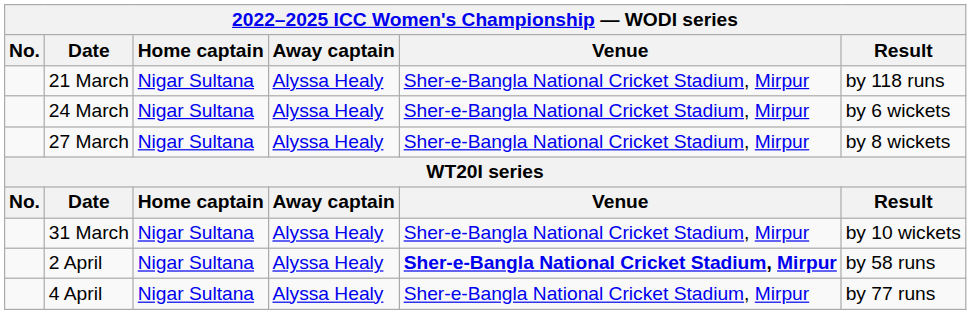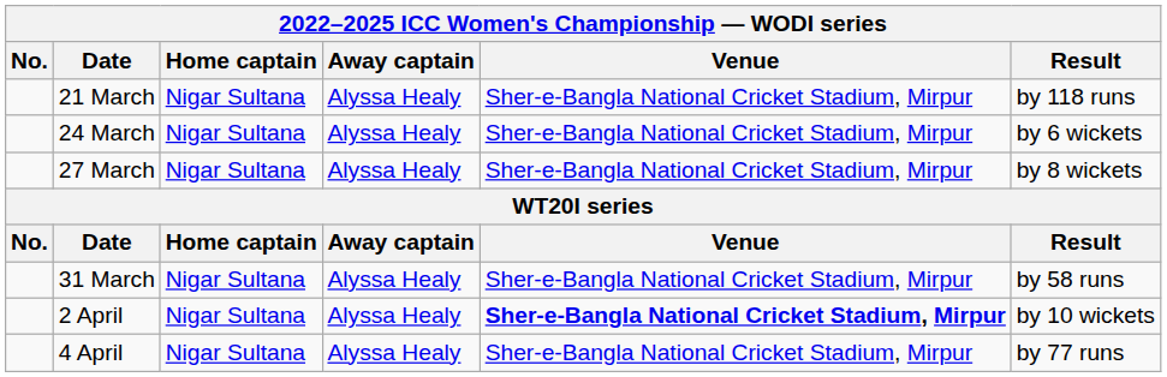 <table class="wikitable">
 <tr>
 <th colspan="9"><a href='#'>2022–2025 ICC Women's Championship</a> — WODI series</th>
 </tr>
 <tr>
 <th>No.</th>
 <th>Date</th>
 <th>Home captain</th>
 <th>Away captain</th>
 <th>Venue</th>
 <th>Result</th>
 </tr>
 <tr>
 <td></td>
 <td>21 March</td>
 <td><a href='#'>Nigar Sultana</a></td>
 <td><a href='#'>Alyssa Healy</a></td>
 <td><a href='#'>Sher-e-Bangla National Cricket Stadium</a>, <a href='#'>Mirpur</a></td>
 <td> by 118 runs</td>
 </tr>
 <tr>
 <td></td>
 <td>24 March</td>
 <td><a href='#'>Nigar Sultana</a></td>
 <td><a href='#'>Alyssa Healy</a></td>
 <td><a href='#'>Sher-e-Bangla National Cricket Stadium</a>, <a href='#'>Mirpur</a></td>
 <td> by 6 wickets</td>
 </tr>
 <tr>
 <td></td>
 <td>27 March</td>
 <td><a href='#'>Nigar Sultana</a></td>
 <td><a href='#'>Alyssa Healy</a></td>
 <td><a href='#'>Sher-e-Bangla National Cricket Stadium</a>, <a href='#'>Mirpur</a></td>
 <td> by 8 wickets</td>
 </tr>
 <tr>
 <th colspan="9">WT20I series</th>
 </tr>
 <tr>
 <th>No.</th>
 <th>Date</th>
 <th>Home captain</th>
 <th>Away captain</th>
 <th>Venue</th>
 <th>Result</th>
 </tr>
 <tr>
 <td></td>
 <td>31 March</td>
 <td><a href='#'>Nigar Sultana</a></td>
 <td><a href='#'>Alyssa Healy</a></td>
 <td><a href='#'>Sher-e-Bangla National Cricket Stadium</a>, <a href='#'>Mirpur</a></td>
-<td> by 10 wickets</td>
+<td> by 58 runs</td>
 </tr>
 <tr>
 <td></td>
 <td>2 April</td>
 <td><a href='#'>Nigar Sultana</a></td>
 <td><a href='#'>Alyssa Healy</a></td>
 <td><strong><a href='#'>Sher-e-Bangla National Cricket Stadium</a>, <a href='#'>Mirpur</a></strong></td>
-<td> by 58 runs</td>
+<td> by 10 wickets</td>
 </tr>
 <tr>
 <td></td>
 <td>4 April</td>
 <td><a href='#'>Nigar Sultana</a></td>
 <td><a href='#'>Alyssa Healy</a></td>
 <td><a href='#'>Sher-e-Bangla National Cricket Stadium</a>, <a href='#'>Mirpur</a></td>
 <td> by 77 runs</td>
 </tr>
 </table>
